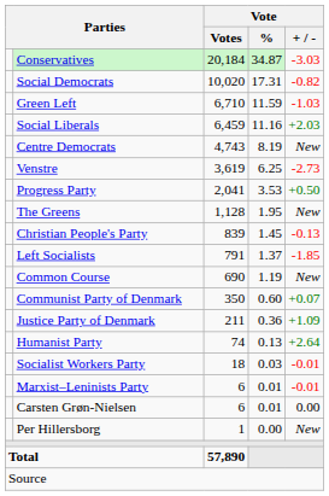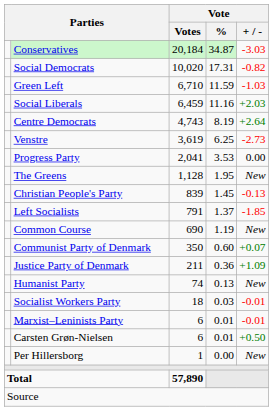 <table class="wikitable" style="text-align:right;">
 <tr>
 <th style="text-align:centre;" rowspan="2" colspan="2" width="225">Parties</th>
 <th colspan="3">Vote</th>
 </tr>
 <tr>
 <th width="15">Votes</th>
 <th width="15">%</th>
 <th width="15">+ / -</th>
 </tr>
 <tr>
 <td width="2" style="color:inherit;background:"></td>
 <td bgcolor=#ccf7cc  align="left"><a href='#'>Conservatives</a></td>
 <td bgcolor=#ccf7cc>20,184</td>
 <td bgcolor=#ccf7cc>34.87</td>
 <td style=color:red;>-3.03</td>
 </tr>
 <tr>
 <td width="2" style="color:inherit;background:"></td>
 <td align="left"><a href='#'>Social Democrats</a></td>
 <td>10,020</td>
 <td>17.31</td>
 <td style=color:red;>-0.82</td>
 </tr>
 <tr>
 <td width="2" style="color:inherit;background:"></td>
 <td align="left"><a href='#'>Green Left</a></td>
 <td>6,710</td>
 <td>11.59</td>
 <td style=color:red;>-1.03</td>
 </tr>
 <tr>
 <td width="2" style="color:inherit;background:"></td>
 <td align="left"><a href='#'>Social Liberals</a></td>
 <td>6,459</td>
 <td>11.16</td>
 <td style=color:green;>+2.03</td>
 </tr>
 <tr>
 <td width="2" style="color:inherit;background:"></td>
 <td align="left"><a href='#'>Centre Democrats</a></td>
 <td>4,743</td>
 <td>8.19</td>
-<td><em>New</em></td>
+<td style=color:green;>+2.64</td>
 </tr>
 <tr>
 <td width="2" style="color:inherit;background:"></td>
 <td align="left"><a href='#'>Venstre</a></td>
 <td>3,619</td>
 <td>6.25</td>
 <td style=color:red;>-2.73</td>
 </tr>
 <tr>
 <td width="2" style="color:inherit;background:"></td>
 <td align="left"><a href='#'>Progress Party</a></td>
 <td>2,041</td>
 <td>3.53</td>
-<td style=color:green;>+0.50</td>
+<td>0.00</td>
 </tr>
 <tr>
 <td width="2" style="color:inherit;background:"></td>
 <td align="left"><a href='#'>The Greens</a></td>
 <td>1,128</td>
 <td>1.95</td>
 <td><em>New</em></td>
 </tr>
 <tr>
 <td width="2" style="color:inherit;background:"></td>
 <td align="left"><a href='#'>Christian People's Party</a></td>
 <td>839</td>
 <td>1.45</td>
 <td style=color:red;>-0.13</td>
 </tr>
 <tr>
 <td width="2" style="color:inherit;background:"></td>
 <td align="left"><a href='#'>Left Socialists</a></td>
 <td>791</td>
 <td>1.37</td>
 <td style=color:red;>-1.85</td>
 </tr>
 <tr>
 <td width="2" style="color:inherit;background:"></td>
 <td align="left"><a href='#'>Common Course</a></td>
 <td>690</td>
 <td>1.19</td>
 <td><em>New</em></td>
 </tr>
 <tr>
 <td width="2" style="color:inherit;background:"></td>
 <td align="left"><a href='#'>Communist Party of Denmark</a></td>
 <td>350</td>
 <td>0.60</td>
 <td style=color:green;>+0.07</td>
 </tr>
 <tr>
 <td width="2" style="color:inherit;background:"></td>
 <td align="left"><a href='#'>Justice Party of Denmark</a></td>
 <td>211</td>
 <td>0.36</td>
 <td style=color:green;>+1.09</td>
 </tr>
 <tr>
 <td width="2" style="color:inherit;background:"></td>
 <td align="left"><a href='#'>Humanist Party</a></td>
 <td>74</td>
 <td>0.13</td>
-<td style=color:green;>+2.64</td>
+<td><em>New</em></td>
 </tr>
 <tr>
 <td width="2" style="color:inherit;background:"></td>
 <td align="left"><a href='#'>Socialist Workers Party</a></td>
 <td>18</td>
 <td>0.03</td>
 <td style=color:red;>-0.01</td>
 </tr>
 <tr>
 <td width="2" style="color:inherit;background:"></td>
 <td align="left"><a href='#'>Marxist–Leninists Party</a></td>
 <td>6</td>
 <td>0.01</td>
 <td style=color:red;>-0.01</td>
 </tr>
 <tr>
 <td width="2" style="color:inherit;background:"></td>
 <td align="left">Carsten Grøn-Nielsen</td>
 <td>6</td>
 <td>0.01</td>
-<td>0.00</td>
+<td style=color:green;>+0.50</td>
 </tr>
 <tr>
 <td width="2" style="color:inherit;background:"></td>
 <td align="left">Per Hillersborg</td>
 <td>1</td>
 <td>0.00</td>
 <td><em>New</em></td>
 </tr>
 <tr>
 <td colspan="7" bgcolor="#E9E9E9"></td>
 </tr>
 <tr>
 <td align="left" colspan="2"><strong>Total</strong></td>
 <td><strong>57,890</strong></td>
 <td bgcolor="#E9E9E9" colspan="2"></td>
 </tr>
 <tr>
 <td align="left" colspan="6">Source</td>
 </tr>
 </table>
